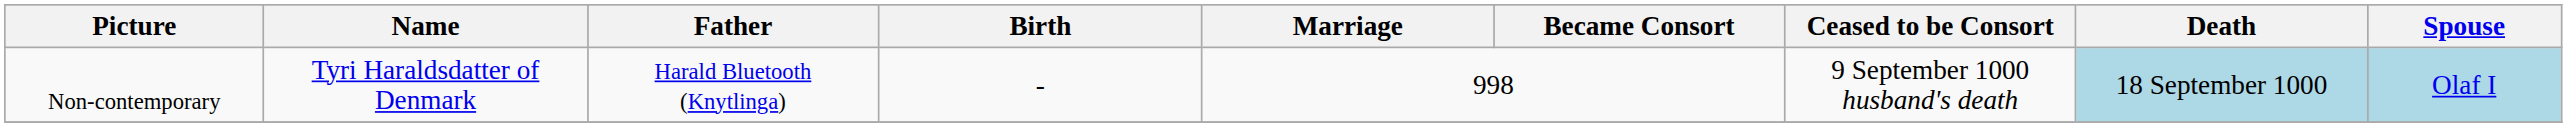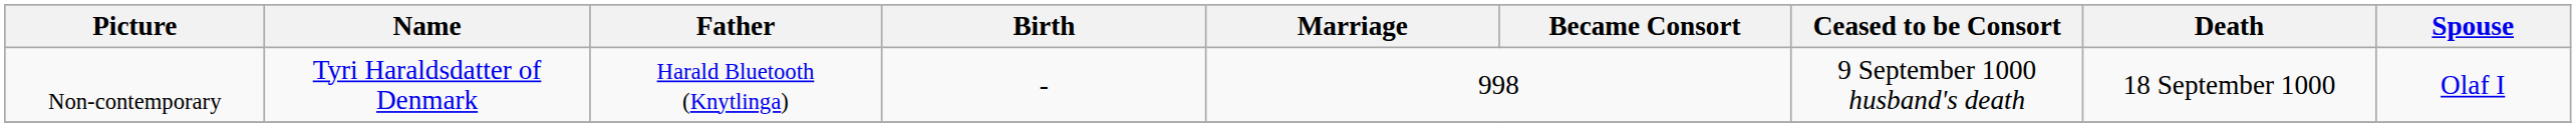 <table width=95% class="wikitable">
 <tr>
 <th width = "8%">Picture</th>
 <th width = "10%">Name</th>
 <th width = "9%">Father</th>
 <th width = "10%">Birth</th>
 <th width = "9%">Marriage</th>
 <th width = "9%">Became Consort</th>
 <th width = "9%">Ceased to be Consort</th>
 <th width = "9%">Death</th>
 <th width = "6%"><a href='#'>Spouse</a></th>
 </tr>
 <tr>
 <td align="center"><br><small>Non-contemporary</small></td>
 <td align="center"><a href='#'>Tyri Haraldsdatter of Denmark</a></td>
 <td align="center"><small><a href='#'>Harald Bluetooth</a><br>(<a href='#'>Knytlinga</a>)</small></td>
 <td align="center">-</td>
 <td align="center" colspan="2">998</td>
 <td align="center">9 September 1000<br><em>husband's death</em></td>
-<td align="center" style="background: lightblue;">18 September 1000</td>
-<td align="center" style="background: lightblue;"><a href='#'>Olaf I</a></td>
+<td align="center">18 September 1000</td>
+<td align="center"><a href='#'>Olaf I</a></td>
 </tr>
 <tr>
 </tr>
 </table>
